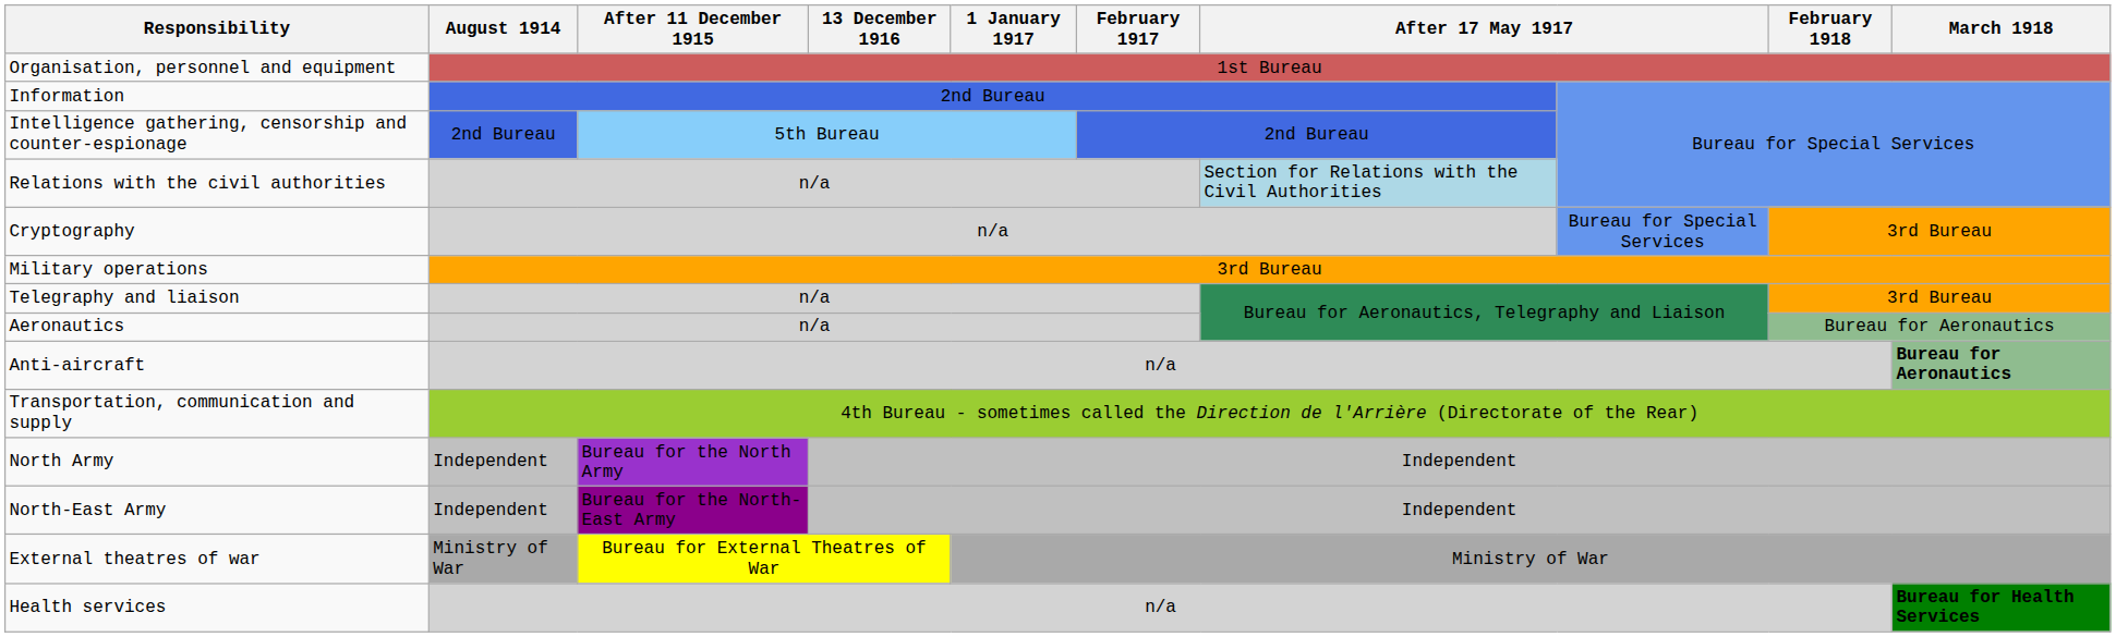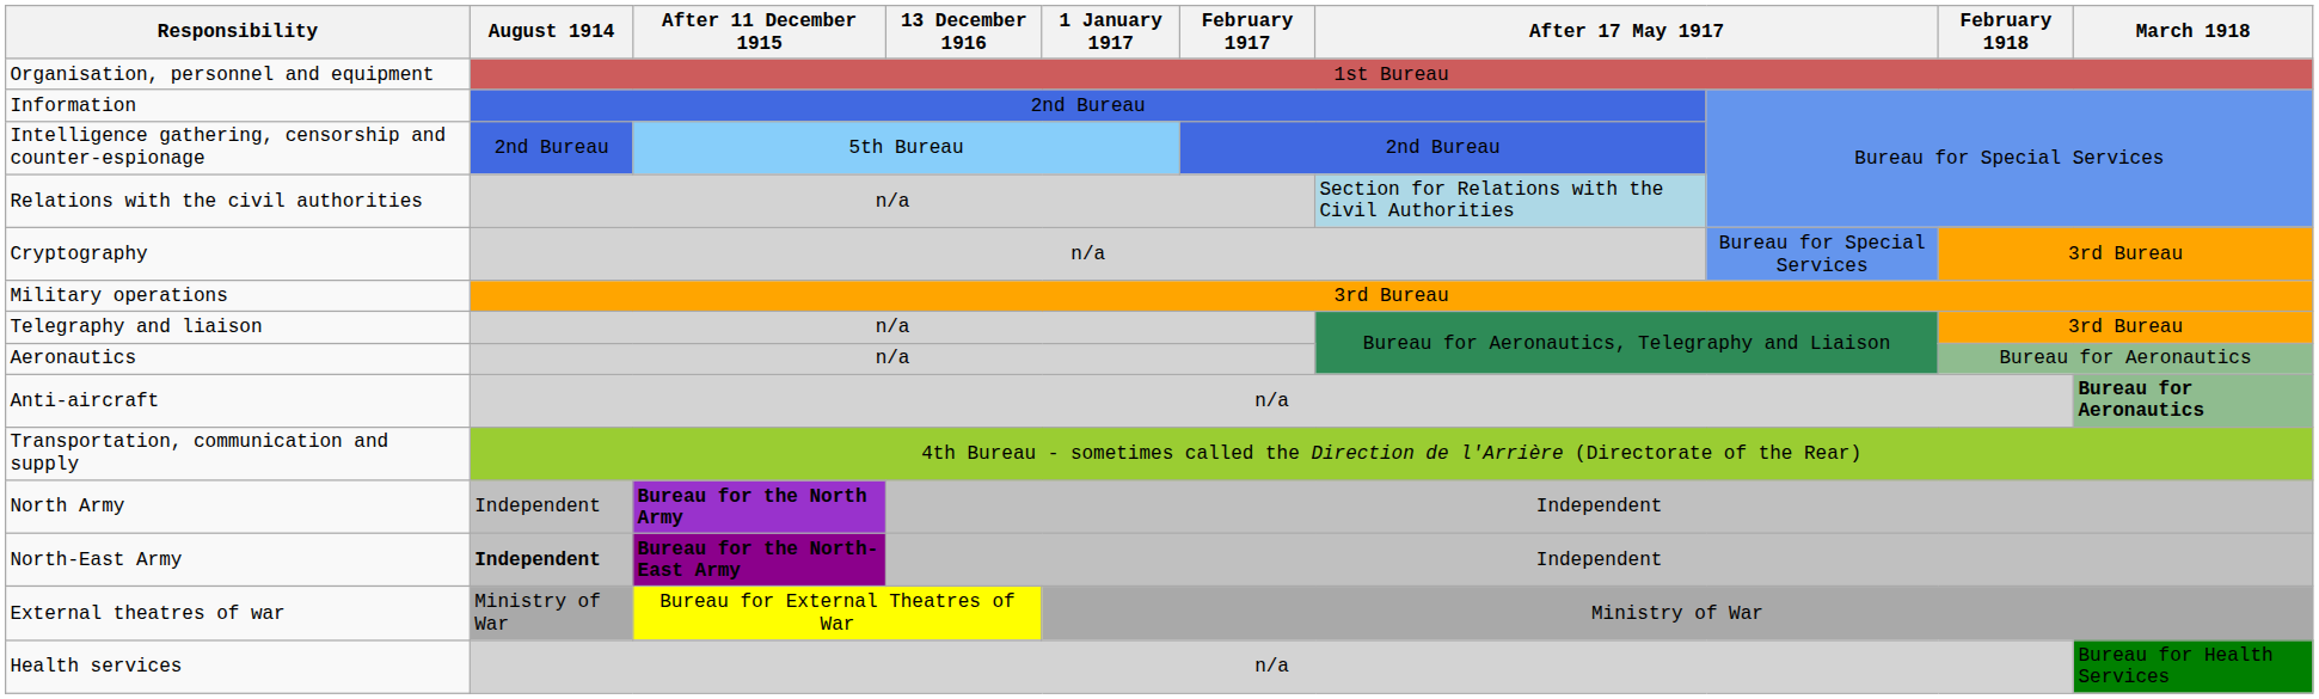 <table class="wikitable">
 <tr>
 <th>Responsibility</th>
 <th>August 1914</th>
 <th>After 11 December 1915</th>
 <th>13 December 1916</th>
 <th>1 January 1917</th>
 <th>February 1917</th>
 <th colspan="2">After 17 May 1917</th>
 <th>February 1918</th>
 <th>March 1918</th>
 </tr>
 <tr>
 <td>Organisation, personnel and equipment</td>
 <td colspan="9" style="text-align:center;" bgcolor="IndianRed">1st Bureau</td>
 </tr>
 <tr>
 <td>Information</td>
 <td colspan="6" style="text-align: center;" bgcolor="RoyalBlue">2nd Bureau</td>
 <td rowspan="3" colspan="4" style="text-align: center;" bgcolor="CornflowerBlue">Bureau for Special Services</td>
 </tr>
 <tr>
 <td>Intelligence gathering, censorship and counter-espionage</td>
 <td colspan="1" style="text-align: center;" bgcolor="RoyalBlue">2nd Bureau</td>
 <td bgcolor="LightSkyBlue" colspan="3" style="text-align: center;">5th Bureau</td>
 <td colspan="2" style="text-align: center;" bgcolor="RoyalBlue">2nd Bureau</td>
 </tr>
 <tr>
 <td>Relations with the civil authorities</td>
 <td colspan="5" style="text-align: center;" bgcolor="LightGray">n/a</td>
 <td bgcolor="LightBlue">Section for Relations with the Civil Authorities</td>
 </tr>
 <tr>
 <td>Cryptography</td>
 <td colspan="6" style="text-align: center;" bgcolor="LightGray">n/a</td>
 <td bgcolor="CornflowerBlue" style="text-align: center;">Bureau for Special Services</td>
 <td colspan="2" style="text-align: center;" bgcolor="Orange">3rd Bureau</td>
 </tr>
 <tr>
 <td>Military operations</td>
 <td colspan="9" style="text-align: center;" bgcolor="Orange">3rd Bureau</td>
 </tr>
 <tr>
 <td>Telegraphy and liaison</td>
 <td colspan="5" style="text-align: center;" bgcolor="LightGray">n/a</td>
 <td colspan="2" rowspan="2" style="text-align: center;" bgcolor="SeaGreen">Bureau for Aeronautics, Telegraphy and Liaison</td>
 <td colspan="2" style="text-align: center;" bgcolor="Orange">3rd Bureau</td>
 </tr>
 <tr>
 <td>Aeronautics</td>
 <td colspan="5" style="text-align: center;" bgcolor="LightGray">n/a</td>
 <td colspan="2" style="text-align: center;" bgcolor="DarkSeaGreen">Bureau for Aeronautics</td>
 </tr>
 <tr>
 <td>Anti-aircraft</td>
 <td colspan="8" style="text-align: center;" bgcolor="LightGray">n/a</td>
 <td bgcolor="DarkSeaGreen"><strong>Bureau for Aeronautics</strong></td>
 </tr>
 <tr>
 <td>Transportation, communication and supply</td>
 <td colspan="9" style="text-align: center;" bgcolor="YellowGreen">4th Bureau -  sometimes called the <em>Direction de l'Arrière</em> (Directorate of the Rear)</td>
 </tr>
 <tr>
 <td>North Army</td>
 <td bgcolor="Silver">Independent</td>
-<td bgcolor="DarkOrchid">Bureau for the North Army</td>
+<td bgcolor="DarkOrchid"><strong>Bureau for the North Army</strong></td>
 <td colspan="7" style="text-align: center;" bgcolor="Silver">Independent</td>
 </tr>
 <tr>
 <td>North-East Army</td>
-<td bgcolor="Silver">Independent</td>
-<td bgcolor="DarkMagenta">Bureau for the North-East Army</td>
+<td bgcolor="Silver"><strong>Independent</strong></td>
+<td bgcolor="DarkMagenta"><strong>Bureau for the North-East Army</strong></td>
 <td colspan="7" style="text-align: center;" bgcolor="Silver">Independent</td>
 </tr>
 <tr>
 <td>External theatres of war</td>
 <td bgcolor="DarkGray">Ministry of War</td>
 <td colspan="2" style="text-align: center;" bgcolor="Yellow">Bureau for External Theatres of War</td>
 <td colspan="6" style="text-align: center;" bgcolor="DarkGray">Ministry of War</td>
 </tr>
 <tr>
 <td>Health services</td>
 <td colspan="8" style="text-align: center;" bgcolor="LightGray">n/a</td>
-<td bgcolor="Green"><strong>Bureau for Health Services</strong></td>
+<td bgcolor="Green">Bureau for Health Services</td>
 </tr>
 </table>
